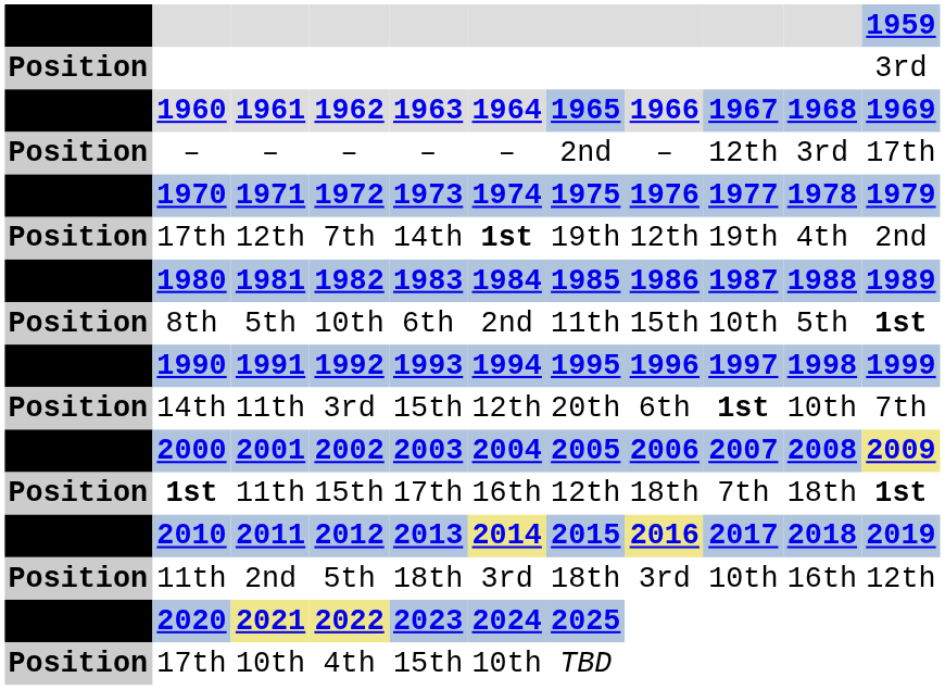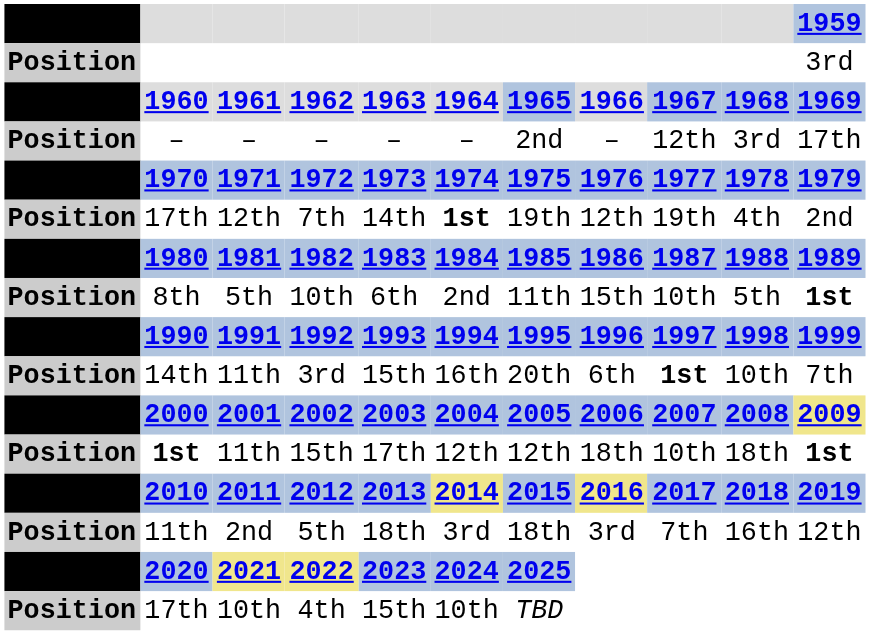 <table class="toccolours" border="0" cellpadding="2" cellspacing="0" style="text-align:left; margin:0.5em;">
 <tr>
 <th style="text-align:center; background-color: #000000;"><span>Year</span></th>
 <th style="text-align:center; background-color: #ddd;"></th>
 <th style="text-align:center; background-color: #ddd;"></th>
 <th style="text-align:center; background-color: #ddd;"></th>
 <th style="text-align:center; background-color: #ddd;"></th>
 <th style="text-align:center; background-color: #ddd;"></th>
 <th style="text-align:center; background-color: #ddd;"></th>
 <th style="text-align:center; background-color: #ddd;"></th>
 <th style="text-align:center; background-color: #ddd;"></th>
 <th style="text-align:center; background-color: #ddd;"></th>
 <th style="text-align:center; background-color: #B0C4DE;"><a href='#'>1959</a></th>
 </tr>
 <tr>
 <th style="text-align:center; background-color: #CCCCCC;"><span>Position</span></th>
 <td style="text-align:center"></td>
 <td style="text-align:center"></td>
 <td></td>
 <td></td>
 <td></td>
 <td></td>
 <td></td>
 <td></td>
 <td></td>
 <td style="text-align:center">3rd</td>
 </tr>
 <tr>
 <th style="text-align:center; background-color: #000000;"><span>Year</span></th>
 <th style="text-align:center; background-color: #ddd;"><a href='#'>1960</a></th>
 <th style="text-align:center; background-color: #ddd;"><a href='#'>1961</a></th>
 <th style="text-align:center; background-color: #ddd;"><a href='#'>1962</a></th>
 <th style="text-align:center; background-color: #ddd;"><a href='#'>1963</a></th>
 <th style="text-align:center; background-color: #ddd;"><a href='#'>1964</a></th>
 <th style="text-align:center; background-color: #B0C4DE;"><a href='#'>1965</a></th>
 <th style="text-align:center; background-color: #ddd;"><a href='#'>1966</a></th>
 <th style="text-align:center; background-color: #B0C4DE;"><a href='#'>1967</a></th>
 <th style="text-align:center; background-color: #B0C4DE;"><a href='#'>1968</a></th>
 <th style="text-align:center; background-color: #B0C4DE;"><a href='#'>1969</a></th>
 </tr>
 <tr>
 <th style="text-align:center; background-color: #CCCCCC;"><span>Position</span></th>
 <td style="text-align:center">–</td>
 <td style="text-align:center">–</td>
 <td style="text-align:center">–</td>
 <td style="text-align:center">–</td>
 <td style="text-align:center">–</td>
 <td style="text-align:center">2nd</td>
 <td style="text-align:center">–</td>
 <td style="text-align:center">12th</td>
 <td style="text-align:center">3rd</td>
 <td style="text-align:center">17th</td>
 </tr>
 <tr>
 <th style="text-align:center; background-color: #000000;"><span>Year</span></th>
 <th style="text-align:center; background-color: #B0C4DE;"><a href='#'>1970</a></th>
 <th style="text-align:center; background-color: #B0C4DE;"><a href='#'>1971</a></th>
 <th style="text-align:center; background-color: #B0C4DE;"><a href='#'>1972</a></th>
 <th style="text-align:center; background-color: #B0C4DE;"><a href='#'>1973</a></th>
 <th style="text-align:center; background-color: #B0C4DE;"><a href='#'>1974</a></th>
 <th style="text-align:center; background-color: #B0C4DE;"><a href='#'>1975</a></th>
 <th style="text-align:center; background-color: #B0C4DE;"><a href='#'>1976</a></th>
 <th style="text-align:center; background-color: #B0C4DE;"><a href='#'>1977</a></th>
 <th style="text-align:center; background-color: #B0C4DE;"><a href='#'>1978</a></th>
 <th style="text-align:center; background-color: #B0C4DE;"><a href='#'>1979</a></th>
 </tr>
 <tr>
 <th style="text-align:center; background-color: #CCCCCC;"><span>Position</span></th>
 <td style="text-align:center">17th</td>
 <td style="text-align:center">12th</td>
 <td style="text-align:center">7th</td>
 <td style="text-align:center">14th</td>
 <td style="text-align:center"><strong>1st</strong></td>
 <td style="text-align:center">19th</td>
 <td style="text-align:center">12th</td>
 <td style="text-align:center">19th</td>
 <td style="text-align:center">4th</td>
 <td style="text-align:center">2nd</td>
 </tr>
 <tr>
 <th style="text-align:center; background-color: #000000;"><span>Year</span></th>
 <th style="text-align:center; background-color: #B0C4DE;"><a href='#'>1980</a></th>
 <th style="text-align:center; background-color: #B0C4DE;"><a href='#'>1981</a></th>
 <th style="text-align:center; background-color: #B0C4DE;"><a href='#'>1982</a></th>
 <th style="text-align:center; background-color: #B0C4DE;"><a href='#'>1983</a></th>
 <th style="text-align:center; background-color: #B0C4DE;"><a href='#'>1984</a></th>
 <th style="text-align:center; background-color: #B0C4DE;"><a href='#'>1985</a></th>
 <th style="text-align:center; background-color: #B0C4DE;"><a href='#'>1986</a></th>
 <th style="text-align:center; background-color: #B0C4DE;"><a href='#'>1987</a></th>
 <th style="text-align:center; background-color: #B0C4DE;"><a href='#'>1988</a></th>
 <th style="text-align:center; background-color: #B0C4DE;"><a href='#'>1989</a></th>
 </tr>
 <tr>
 <th style="text-align:center; background-color: #CCCCCC;"><span>Position</span></th>
 <td style="text-align:center">8th</td>
 <td style="text-align:center">5th</td>
 <td style="text-align:center">10th</td>
 <td style="text-align:center">6th</td>
 <td style="text-align:center">2nd</td>
 <td style="text-align:center">11th</td>
 <td style="text-align:center">15th</td>
 <td style="text-align:center">10th</td>
 <td style="text-align:center">5th</td>
 <td style="text-align:center"><strong>1st</strong></td>
 </tr>
 <tr>
 <th style="text-align:center; background-color: #000000;"><span>Year</span></th>
 <th style="text-align:center; background-color: #B0C4DE;"><a href='#'>1990</a></th>
 <th style="text-align:center; background-color: #B0C4DE;"><a href='#'>1991</a></th>
 <th style="text-align:center; background-color: #B0C4DE;"><a href='#'>1992</a></th>
 <th style="text-align:center; background-color: #B0C4DE;"><a href='#'>1993</a></th>
 <th style="text-align:center; background-color: #B0C4DE;"><a href='#'>1994</a></th>
 <th style="text-align:center; background-color: #B0C4DE;"><a href='#'>1995</a></th>
 <th style="text-align:center; background-color: #B0C4DE;"><a href='#'>1996</a></th>
 <th style="text-align:center; background-color: #B0C4DE;"><a href='#'>1997</a></th>
 <th style="text-align:center; background-color: #B0C4DE;"><a href='#'>1998</a></th>
 <th style="text-align:center; background-color: #B0C4DE;"><a href='#'>1999</a></th>
 </tr>
 <tr>
 <th style="text-align:center; background-color: #CCCCCC;"><span>Position</span></th>
 <td style="text-align:center">14th</td>
 <td style="text-align:center">11th</td>
 <td style="text-align:center">3rd</td>
 <td style="text-align:center">15th</td>
-<td style="text-align:center">12th</td>
+<td style="text-align:center">16th</td>
 <td style="text-align:center">20th</td>
 <td style="text-align:center">6th</td>
 <td style="text-align:center"><strong>1st</strong></td>
 <td style="text-align:center">10th</td>
 <td style="text-align:center">7th</td>
 </tr>
 <tr>
 <th style="text-align:center; background-color: #000000;"><span>Year</span></th>
 <th style="text-align:center; background-color: #B0C4DE;"><a href='#'>2000</a></th>
 <th style="text-align:center; background-color: #B0C4DE;"><a href='#'>2001</a></th>
 <th style="text-align:center; background-color: #B0C4DE;"><a href='#'>2002</a></th>
 <th style="text-align:center; background-color: #B0C4DE;"><a href='#'>2003</a></th>
 <th style="text-align:center; background-color: #B0C4DE;"><a href='#'>2004</a></th>
 <th style="text-align:center; background-color: #B0C4DE;"><a href='#'>2005</a></th>
 <th style="text-align:center; background-color: #B0C4DE;"><a href='#'>2006</a></th>
 <th style="text-align:center; background-color: #B0C4DE;"><a href='#'>2007</a></th>
 <th style="text-align:center; background-color: #B0C4DE;"><a href='#'>2008</a></th>
 <th style="text-align:center; background-color: #f0e68c;"><a href='#'>2009</a></th>
 </tr>
 <tr>
 <th style="text-align:center; background-color: #CCCCCC;"><span>Position</span></th>
 <td style="text-align:center"><strong>1st</strong></td>
 <td style="text-align:center">11th</td>
 <td style="text-align:center">15th</td>
 <td style="text-align:center">17th</td>
-<td style="text-align:center">16th</td>
+<td style="text-align:center">12th</td>
 <td style="text-align:center">12th</td>
 <td style="text-align:center">18th</td>
-<td style="text-align:center">7th</td>
+<td style="text-align:center">10th</td>
 <td style="text-align:center">18th</td>
 <td style="text-align:center"><strong>1st</strong></td>
 </tr>
 <tr>
 <th style="text-align:center; background-color: #000000;"><span>Year</span></th>
 <th style="text-align:center; background-color: #B0C4DE;"><a href='#'>2010</a></th>
 <th style="text-align:center; background-color: #B0C4DE;"><a href='#'>2011</a></th>
 <th style="text-align:center; background-color: #B0C4DE;"><a href='#'>2012</a></th>
 <th style="text-align:center; background-color: #B0C4DE;"><a href='#'>2013</a></th>
 <th style="text-align:center; background-color: #f0e68c;"><a href='#'>2014</a></th>
 <th style="text-align:center; background-color: #B0C4DE;"><a href='#'>2015</a></th>
 <th style="text-align:center; background-color: #f0e68c;"><a href='#'>2016</a></th>
 <th style="text-align:center; background-color: #B0C4DE;"><a href='#'>2017</a></th>
 <th style="text-align:center; background-color: #B0C4DE;"><a href='#'>2018</a></th>
 <th style="text-align:center; background-color: #B0C4DE;"><a href='#'>2019</a></th>
 </tr>
 <tr>
 <th style="text-align:center; background-color: #CCCCCC;"><span>Position</span></th>
 <td style="text-align:center">11th</td>
 <td style="text-align:center">2nd</td>
 <td style="text-align:center">5th</td>
 <td style="text-align:center">18th</td>
 <td style="text-align:center">3rd</td>
 <td style="text-align:center">18th</td>
 <td style="text-align:center">3rd</td>
-<td style="text-align:center">10th</td>
+<td style="text-align:center">7th</td>
 <td style="text-align:center">16th</td>
 <td style="text-align:center">12th</td>
 </tr>
 <tr>
 <th style="text-align:center; background-color: #000000;"><span>Year</span></th>
 <th style="text-align:center; background-color: #B0C4DE;"><a href='#'>2020</a></th>
 <th style="text-align:center; background-color: #f0e68c;"><a href='#'>2021</a></th>
 <th style="text-align:center; background-color: #f0e68c;"><a href='#'>2022</a></th>
 <th style="text-align:center; background-color: #B0C4DE;"><a href='#'>2023</a></th>
 <th style="text-align:center; background-color: #B0C4DE;"><a href='#'>2024</a></th>
 <th style="text-align:center; background-color: #B0C4DE;"><a href='#'>2025</a></th>
 </tr>
 <tr>
 <th style="text-align:center; background-color: #CCCCCC;"><span>Position</span></th>
 <td style="text-align:center">17th</td>
 <td style="text-align:center">10th</td>
 <td style="text-align:center">4th</td>
 <td style="text-align:center">15th</td>
 <td style="text-align:center">10th</td>
 <td style="text-align:center"><em>TBD</em></td>
 </tr>
 </table>
